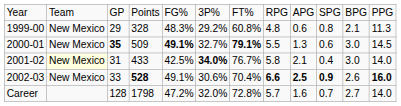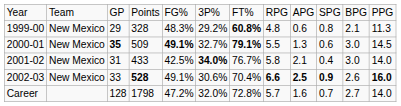 <table class="wikitable">
 <tr>
 <td>Year</td>
 <td>Team</td>
 <td>GP</td>
 <td>Points</td>
 <td>FG%</td>
 <td>3P%</td>
 <td>FT%</td>
 <td>RPG</td>
 <td>APG</td>
 <td>SPG</td>
 <td>BPG</td>
 <td>PPG</td>
 </tr>
 <tr>
 <td>1999-00</td>
 <td>New Mexico</td>
 <td>29</td>
 <td>328</td>
 <td>48.3%</td>
 <td>29.2%</td>
-<td>60.8%</td>
+<td><strong>60.8%</strong></td>
 <td>4.8</td>
 <td>0.6</td>
 <td>0.8</td>
 <td>2.1</td>
 <td>11.3</td>
 </tr>
 <tr>
 <td>2000-01</td>
 <td>New Mexico</td>
 <td><strong>35</strong></td>
 <td>509</td>
 <td><strong>49.1%</strong></td>
 <td>32.7%</td>
 <td><strong>79.1%</strong></td>
 <td>5.5</td>
 <td>1.3</td>
 <td>0.6</td>
 <td>3.0</td>
 <td>14.5</td>
 </tr>
 <tr>
 <td>2001-02</td>
-<td style="background: lightyellow;">New Mexico</td>
+<td>New Mexico</td>
 <td>31</td>
 <td>433</td>
 <td>42.5%</td>
 <td><strong>34.0%</strong></td>
 <td>76.7%</td>
 <td>5.8</td>
 <td>2.1</td>
 <td>0.4</td>
 <td>3.0</td>
 <td>14.0</td>
 </tr>
 <tr>
 <td>2002-03</td>
 <td>New Mexico</td>
 <td>33</td>
 <td><strong>528</strong></td>
 <td>49.1%</td>
 <td>30.6%</td>
 <td>70.4%</td>
 <td><strong>6.6</strong></td>
 <td><strong>2.5</strong></td>
 <td><strong>0.9</strong></td>
 <td>2.6</td>
 <td><strong>16.0</strong></td>
 </tr>
 <tr>
 <td>Career</td>
 <td></td>
 <td>128</td>
 <td>1798</td>
 <td>47.2%</td>
 <td>32.0%</td>
 <td>72.8%</td>
 <td>5.7</td>
 <td>1.6</td>
 <td>0.7</td>
 <td>2.7</td>
 <td>14.0</td>
 </tr>
 </table>
